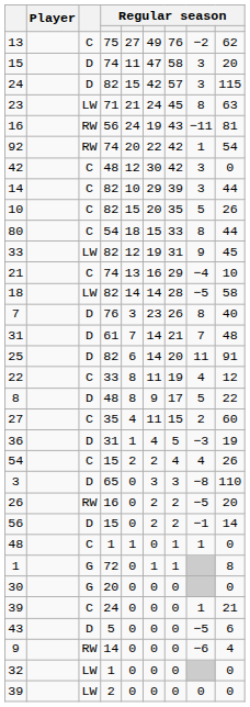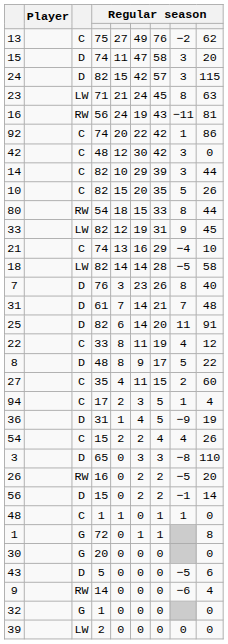 <table class="wikitable sortable plainrowheaders" style="text-align:center;">
 <tr>
 <th scope="col" data-sort-type="number" rowspan="2"></th>
 <th scope="col" rowspan="2">Player</th>
 <th scope="col" rowspan="2"></th>
 <th scope=colgroup colspan=6>Regular season</th>
 </tr>
 <tr>
 <th scope="col" data-sort-type="number"></th>
 <th scope="col" data-sort-type="number"></th>
 <th scope="col" data-sort-type="number"></th>
 <th scope="col" data-sort-type="number"></th>
 <th scope="col" data-sort-type="number"></th>
 <th scope="col" data-sort-type="number"></th>
 </tr>
 <tr>
 <td scope="row">13</td>
 <td align="left"></td>
 <td>C</td>
 <td>75</td>
 <td>27</td>
 <td>49</td>
 <td>76</td>
 <td>−2</td>
 <td>62</td>
 </tr>
 <tr>
 <td scope="row">15</td>
 <td align="left"></td>
 <td>D</td>
 <td>74</td>
 <td>11</td>
 <td>47</td>
 <td>58</td>
 <td>3</td>
 <td>20</td>
 </tr>
 <tr>
 <td scope="row">24</td>
 <td align="left"></td>
 <td>D</td>
 <td>82</td>
 <td>15</td>
 <td>42</td>
 <td>57</td>
 <td>3</td>
 <td>115</td>
 </tr>
 <tr>
 <td scope="row">23</td>
 <td align="left"></td>
 <td>LW</td>
 <td>71</td>
 <td>21</td>
 <td>24</td>
 <td>45</td>
 <td>8</td>
 <td>63</td>
 </tr>
 <tr>
 <td scope="row">16</td>
 <td align="left"></td>
 <td>RW</td>
 <td>56</td>
 <td>24</td>
 <td>19</td>
 <td>43</td>
 <td>−11</td>
 <td>81</td>
 </tr>
 <tr>
 <td scope="row">92</td>
 <td align="left"></td>
-<td>RW</td>
+<td>C</td>
 <td>74</td>
 <td>20</td>
 <td>22</td>
 <td>42</td>
 <td>1</td>
-<td>54</td>
+<td>86</td>
 </tr>
 <tr>
 <td scope="row">42</td>
 <td align="left"></td>
 <td>C</td>
 <td>48</td>
 <td>12</td>
 <td>30</td>
 <td>42</td>
 <td>3</td>
 <td>0</td>
 </tr>
 <tr>
 <td scope="row">14</td>
 <td align="left"></td>
 <td>C</td>
 <td>82</td>
 <td>10</td>
 <td>29</td>
 <td>39</td>
 <td>3</td>
 <td>44</td>
 </tr>
 <tr>
 <td scope="row">10</td>
 <td align="left"></td>
 <td>C</td>
 <td>82</td>
 <td>15</td>
 <td>20</td>
 <td>35</td>
 <td>5</td>
 <td>26</td>
 </tr>
 <tr>
 <td scope="row">80</td>
 <td align="left"></td>
-<td>C</td>
+<td>RW</td>
 <td>54</td>
 <td>18</td>
 <td>15</td>
 <td>33</td>
 <td>8</td>
 <td>44</td>
 </tr>
 <tr>
 <td scope="row">33</td>
 <td align="left"></td>
 <td>LW</td>
 <td>82</td>
 <td>12</td>
 <td>19</td>
 <td>31</td>
 <td>9</td>
 <td>45</td>
 </tr>
 <tr>
 <td scope="row">21</td>
 <td align="left"></td>
 <td>C</td>
 <td>74</td>
 <td>13</td>
 <td>16</td>
 <td>29</td>
 <td>−4</td>
 <td>10</td>
 </tr>
 <tr>
 <td scope="row">18</td>
 <td align="left"></td>
 <td>LW</td>
 <td>82</td>
 <td>14</td>
 <td>14</td>
 <td>28</td>
 <td>−5</td>
 <td>58</td>
 </tr>
 <tr>
 <td scope="row">7</td>
 <td align="left"></td>
 <td>D</td>
 <td>76</td>
 <td>3</td>
 <td>23</td>
 <td>26</td>
 <td>8</td>
 <td>40</td>
 </tr>
 <tr>
 <td scope="row">31</td>
 <td align="left"></td>
 <td>D</td>
 <td>61</td>
 <td>7</td>
 <td>14</td>
 <td>21</td>
 <td>7</td>
 <td>48</td>
 </tr>
 <tr>
 <td scope="row">25</td>
 <td align="left"></td>
 <td>D</td>
 <td>82</td>
 <td>6</td>
 <td>14</td>
 <td>20</td>
 <td>11</td>
 <td>91</td>
 </tr>
 <tr>
 <td scope="row">22</td>
 <td align="left"></td>
 <td>C</td>
 <td>33</td>
 <td>8</td>
 <td>11</td>
 <td>19</td>
 <td>4</td>
 <td>12</td>
 </tr>
 <tr>
 <td scope="row">8</td>
 <td align="left"></td>
 <td>D</td>
 <td>48</td>
 <td>8</td>
 <td>9</td>
 <td>17</td>
 <td>5</td>
 <td>22</td>
 </tr>
 <tr>
 <td scope="row">27</td>
 <td align="left"></td>
 <td>C</td>
 <td>35</td>
 <td>4</td>
 <td>11</td>
 <td>15</td>
 <td>2</td>
 <td>60</td>
 </tr>
 <tr>
+<td scope="row">94</td>
+<td align="left"></td>
+<td>C</td>
+<td>17</td>
+<td>2</td>
+<td>3</td>
+<td>5</td>
+<td>1</td>
+<td>4</td>
+</tr>
+<tr>
 <td scope="row">36</td>
 <td align="left"></td>
 <td>D</td>
 <td>31</td>
 <td>1</td>
 <td>4</td>
 <td>5</td>
-<td>−3</td>
+<td>−9</td>
 <td>19</td>
 </tr>
 <tr>
 <td scope="row">54</td>
 <td align="left"></td>
 <td>C</td>
 <td>15</td>
 <td>2</td>
 <td>2</td>
 <td>4</td>
 <td>4</td>
 <td>26</td>
 </tr>
 <tr>
 <td scope="row">3</td>
 <td align="left"></td>
 <td>D</td>
 <td>65</td>
 <td>0</td>
 <td>3</td>
 <td>3</td>
 <td>−8</td>
 <td>110</td>
 </tr>
 <tr>
 <td scope="row">26</td>
 <td align="left"></td>
 <td>RW</td>
 <td>16</td>
 <td>0</td>
 <td>2</td>
 <td>2</td>
 <td>−5</td>
 <td>20</td>
 </tr>
 <tr>
 <td scope="row">56</td>
 <td align="left"></td>
 <td>D</td>
 <td>15</td>
 <td>0</td>
 <td>2</td>
 <td>2</td>
 <td>−1</td>
 <td>14</td>
 </tr>
 <tr>
 <td scope="row">48</td>
 <td align="left"></td>
 <td>C</td>
 <td>1</td>
 <td>1</td>
 <td>0</td>
 <td>1</td>
 <td>1</td>
 <td>0</td>
 </tr>
 <tr>
 <td scope="row">1</td>
 <td align="left"></td>
 <td>G</td>
 <td>72</td>
 <td>0</td>
 <td>1</td>
 <td>1</td>
 <td style="background:#ccc"></td>
 <td>8</td>
 </tr>
 <tr>
 <td scope="row">30</td>
 <td align="left"></td>
 <td>G</td>
 <td>20</td>
 <td>0</td>
 <td>0</td>
 <td>0</td>
 <td style="background:#ccc"></td>
 <td>0</td>
 </tr>
 <tr>
-<td scope="row">39</td>
-<td align="left"></td>
-<td>C</td>
-<td>24</td>
-<td>0</td>
-<td>0</td>
-<td>0</td>
-<td>1</td>
-<td>21</td>
-</tr>
-<tr>
 <td scope="row">43</td>
 <td align="left"></td>
 <td>D</td>
 <td>5</td>
 <td>0</td>
 <td>0</td>
 <td>0</td>
 <td>−5</td>
 <td>6</td>
 </tr>
 <tr>
 <td scope="row">9</td>
 <td align="left"></td>
 <td>RW</td>
 <td>14</td>
 <td>0</td>
 <td>0</td>
 <td>0</td>
 <td>−6</td>
 <td>4</td>
 </tr>
 <tr>
 <td scope="row">32</td>
 <td align="left"></td>
-<td>LW</td>
+<td>G</td>
 <td>1</td>
 <td>0</td>
 <td>0</td>
 <td>0</td>
 <td style="background:#ccc"></td>
 <td>0</td>
 </tr>
 <tr>
 <td scope="row">39</td>
 <td align="left"></td>
 <td>LW</td>
 <td>2</td>
 <td>0</td>
 <td>0</td>
 <td>0</td>
 <td>0</td>
 <td>0</td>
 </tr>
 </table>
